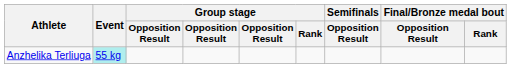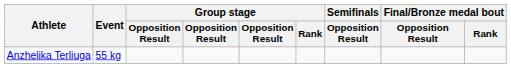 <table class="wikitable" style="text-align:center; font-size:90%">
 <tr>
 <th rowspan=2>Athlete</th>
 <th rowspan=2>Event</th>
 <th colspan=4>Group stage</th>
 <th>Semifinals</th>
 <th colspan=2>Final/Bronze medal bout</th>
 </tr>
 <tr style="font-size:95%">
 <th>Opposition<br>Result</th>
 <th>Opposition<br>Result</th>
 <th>Opposition<br>Result</th>
 <th>Rank</th>
 <th>Opposition<br>Result</th>
 <th>Opposition<br>Result</th>
 <th>Rank</th>
 </tr>
 <tr>
 <td align=left><a href='#'>Anzhelika Terliuga</a></td>
-<td align=left style="background: paleturquoise;"><a href='#'>55 kg</a></td>
+<td align=left><a href='#'>55 kg</a></td>
 <td></td>
 <td></td>
 <td></td>
 <td></td>
 <td></td>
 <td></td>
 <td></td>
 </tr>
 </table>
